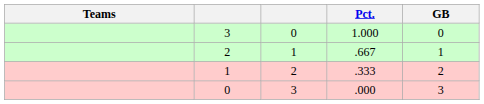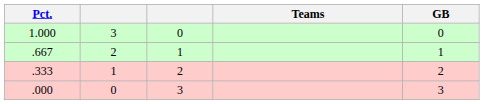 <table class="wikitable" width="40%" style="text-align:center;">
 <tr>
-<th width="20%">Teams</th>
+<th width="8%"><a href='#'>Pct.</a></th>
 <th width="7%"></th>
 <th width="7%"></th>
-<th width="8%"><a href='#'>Pct.</a></th>
+<th width="20%">Teams</th>
 <th width="8%">GB</th>
 </tr>
 <tr bgcolor="#cfc">
-<td align=left></td>
+<td>1.000</td>
 <td>3</td>
 <td>0</td>
-<td>1.000</td>
+<td align=left></td>
 <td>0</td>
 </tr>
 <tr bgcolor="#cfc">
-<td align=left></td>
+<td>.667</td>
 <td>2</td>
 <td>1</td>
-<td>.667</td>
+<td align=left></td>
 <td>1</td>
 </tr>
 <tr bgcolor="#fcc">
-<td align=left></td>
+<td>.333</td>
 <td>1</td>
 <td>2</td>
-<td>.333</td>
+<td align=left></td>
 <td>2</td>
 </tr>
 <tr bgcolor="#fcc">
-<td align=left></td>
+<td>.000</td>
 <td>0</td>
 <td>3</td>
-<td>.000</td>
+<td align=left></td>
 <td>3</td>
 </tr>
 </table>
